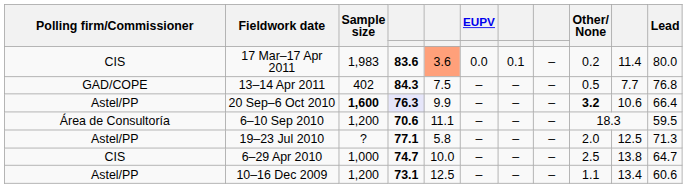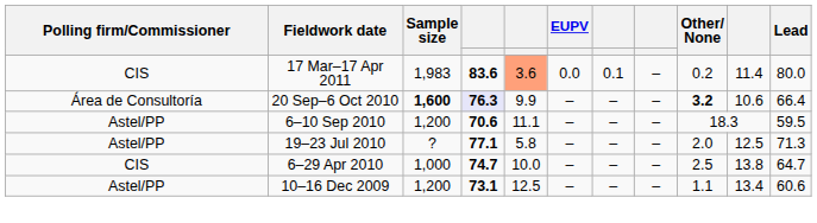 <table class="wikitable collapsible collapsed" style="text-align:center; font-size:90%; line-height:14px;">
 <tr style="height:42px;">
 <th style="width:250px;" rowspan="2">Polling firm/Commissioner</th>
 <th style="width:125px;" rowspan="2">Fieldwork date</th>
 <th style="width:50px;" rowspan="2">Sample size</th>
 <th style="width:35px;"></th>
 <th style="width:35px;"></th>
 <th style="width:35px; font-size:95%;"><a href='#'>EUPV</a></th>
 <th style="width:35px;"></th>
 <th style="width:35px;"></th>
 <th style="width:35px;" rowspan="2">Other/<br>None</th>
 <th style="width:35px;" rowspan="2"></th>
 <th style="width:30px;" rowspan="2">Lead</th>
 </tr>
 <tr>
 <th style="color:inherit;background:"></th>
 <th style="color:inherit;background:"></th>
 <th style="color:inherit;background:"></th>
 <th style="color:inherit;background:"></th>
 <th style="color:inherit;background:"></th>
 </tr>
 <tr>
 <td>CIS</td>
 <td>17 Mar–17 Apr 2011</td>
 <td>1,983</td>
 <td><strong>83.6</strong></td>
 <td style="background: lightsalmon;">3.6</td>
 <td>0.0</td>
 <td>0.1</td>
 <td>–</td>
 <td>0.2</td>
 <td>11.4</td>
 <td style="background:">80.0</td>
 </tr>
 <tr>
-<td>GAD/COPE</td>
-<td>13–14 Apr 2011</td>
-<td>402</td>
-<td><strong>84.3</strong></td>
-<td>7.5</td>
-<td>–</td>
-<td>–</td>
-<td>–</td>
-<td>0.5</td>
-<td>7.7</td>
-<td style="background:">76.8</td>
-</tr>
-<tr>
-<td>Astel/PP</td>
+<td>Área de Consultoría</td>
 <td>20 Sep–6 Oct 2010</td>
 <td><strong>1,600</strong></td>
 <td style="background: lavender;"><strong>76.3</strong></td>
 <td>9.9</td>
 <td>–</td>
 <td>–</td>
 <td>–</td>
 <td><strong>3.2</strong></td>
 <td>10.6</td>
 <td style="background:">66.4</td>
 </tr>
 <tr>
-<td>Área de Consultoría</td>
+<td>Astel/PP</td>
 <td>6–10 Sep 2010</td>
 <td>1,200</td>
 <td><strong>70.6</strong></td>
 <td>11.1</td>
 <td>–</td>
 <td>–</td>
 <td>–</td>
 <td colspan="2">18.3</td>
 <td style="background:">59.5</td>
 </tr>
 <tr>
 <td>Astel/PP</td>
 <td>19–23 Jul 2010</td>
 <td>?</td>
 <td><strong>77.1</strong></td>
 <td>5.8</td>
 <td>–</td>
 <td>–</td>
 <td>–</td>
 <td>2.0</td>
 <td>12.5</td>
 <td style="background:">71.3</td>
 </tr>
 <tr>
 <td>CIS</td>
 <td>6–29 Apr 2010</td>
 <td>1,000</td>
 <td><strong>74.7</strong></td>
 <td>10.0</td>
 <td>–</td>
 <td>–</td>
 <td>–</td>
 <td>2.5</td>
 <td>13.8</td>
 <td style="background:">64.7</td>
 </tr>
 <tr>
 <td>Astel/PP</td>
 <td>10–16 Dec 2009</td>
 <td>1,200</td>
 <td><strong>73.1</strong></td>
 <td>12.5</td>
 <td>–</td>
 <td>–</td>
 <td>–</td>
 <td>1.1</td>
 <td>13.4</td>
 <td style="background:">60.6</td>
 </tr>
 </table>
